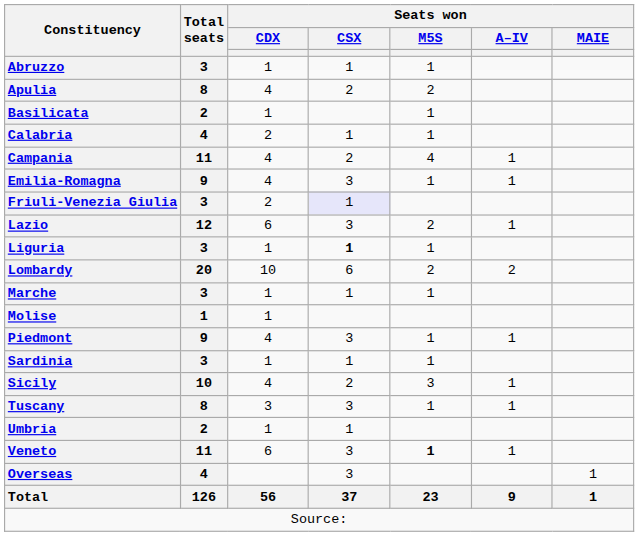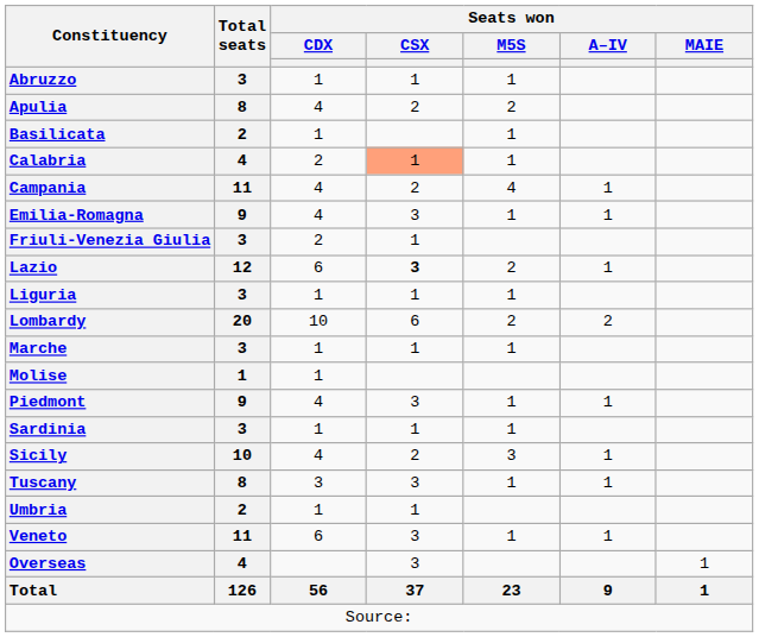 <table class="wikitable" style="text-align:center; font-size: 0.9em;">
 <tr>
 <th rowspan="3">Constituency</th>
 <th rowspan="3">Total<br>seats</th>
 <th colspan="5">Seats won</th>
 </tr>
 <tr>
 <th class="unsortable" style="width:65px;"><a href='#'>CDX</a></th>
 <th class="unsortable" style="width:65px;"><a href='#'>CSX</a></th>
 <th class="unsortable" style="width:65px;"><a href='#'>M5S</a></th>
 <th class="unsortable" style="width:65px;"><a href='#'>A–IV</a></th>
 <th class="unsortable" style="width:65px;"><a href='#'>MAIE</a></th>
 </tr>
 <tr>
 <th style="background:"></th>
 <th style="background:"></th>
 <th style="background:"></th>
 <th style="background:"></th>
 <th style="background:"></th>
 </tr>
 <tr>
 <th style="text-align: left;"><a href='#'>Abruzzo</a></th>
 <th>3</th>
 <td>1</td>
 <td>1</td>
 <td>1</td>
 <td></td>
 <td></td>
 </tr>
 <tr>
 <th style="text-align: left;"><a href='#'>Apulia</a></th>
 <th>8</th>
 <td>4</td>
 <td>2</td>
 <td>2</td>
 <td></td>
 <td></td>
 </tr>
 <tr>
 <th style="text-align: left;"><a href='#'>Basilicata</a></th>
 <th>2</th>
 <td>1</td>
 <td></td>
 <td>1</td>
 <td></td>
 <td></td>
 </tr>
 <tr>
 <th style="text-align: left;"><a href='#'>Calabria</a></th>
 <th>4</th>
 <td>2</td>
-<td>1</td>
+<td style="background: lightsalmon;">1</td>
 <td>1</td>
 <td></td>
 <td></td>
 </tr>
 <tr>
 <th style="text-align: left;"><a href='#'>Campania</a></th>
 <th>11</th>
 <td>4</td>
 <td>2</td>
 <td>4</td>
 <td>1</td>
 <td></td>
 </tr>
 <tr>
 <th style="text-align: left;"><a href='#'>Emilia-Romagna</a></th>
 <th>9</th>
 <td>4</td>
 <td>3</td>
 <td>1</td>
 <td>1</td>
 <td></td>
 </tr>
 <tr>
 <th style="text-align: left;"><a href='#'>Friuli-Venezia Giulia</a></th>
 <th>3</th>
 <td>2</td>
-<td style="background: lavender;">1</td>
+<td>1</td>
 <td></td>
 <td></td>
 <td></td>
 </tr>
 <tr>
 <th style="text-align: left;"><a href='#'>Lazio</a></th>
 <th>12</th>
 <td>6</td>
-<td>3</td>
+<td><strong>3</strong></td>
 <td>2</td>
 <td>1</td>
 <td></td>
 </tr>
 <tr>
 <th style="text-align: left;"><a href='#'>Liguria</a></th>
 <th>3</th>
 <td>1</td>
-<td><strong>1</strong></td>
+<td>1</td>
 <td>1</td>
 <td></td>
 <td></td>
 </tr>
 <tr>
 <th style="text-align: left;"><a href='#'>Lombardy</a></th>
 <th>20</th>
 <td>10</td>
 <td>6</td>
 <td>2</td>
 <td>2</td>
 <td></td>
 </tr>
 <tr>
 <th style="text-align: left;"><a href='#'>Marche</a></th>
 <th>3</th>
 <td>1</td>
 <td>1</td>
 <td>1</td>
 <td></td>
 <td></td>
 </tr>
 <tr>
 <th style="text-align: left;"><a href='#'>Molise</a></th>
 <th>1</th>
 <td>1</td>
 <td></td>
 <td></td>
 <td></td>
 <td></td>
 </tr>
 <tr>
 <th style="text-align: left;"><a href='#'>Piedmont</a></th>
 <th>9</th>
 <td>4</td>
 <td>3</td>
 <td>1</td>
 <td>1</td>
 <td></td>
 </tr>
 <tr>
 <th style="text-align: left;"><a href='#'>Sardinia</a></th>
 <th>3</th>
 <td>1</td>
 <td>1</td>
 <td>1</td>
 <td></td>
 <td></td>
 </tr>
 <tr>
 <th style="text-align: left;"><a href='#'>Sicily</a></th>
 <th>10</th>
 <td>4</td>
 <td>2</td>
 <td>3</td>
 <td>1</td>
 <td></td>
 </tr>
 <tr>
 <th style="text-align: left;"><a href='#'>Tuscany</a></th>
 <th>8</th>
 <td>3</td>
 <td>3</td>
 <td>1</td>
 <td>1</td>
 <td></td>
 </tr>
 <tr>
 <th style="text-align: left;"><a href='#'>Umbria</a></th>
 <th>2</th>
 <td>1</td>
 <td>1</td>
 <td></td>
 <td></td>
 <td></td>
 </tr>
 <tr>
 <th style="text-align: left;"><a href='#'>Veneto</a></th>
 <th>11</th>
 <td>6</td>
 <td>3</td>
-<td><strong>1</strong></td>
+<td>1</td>
 <td>1</td>
 <td></td>
 </tr>
 <tr>
 <th style="text-align: left;"><a href='#'>Overseas</a></th>
 <th>4</th>
 <td></td>
 <td>3</td>
 <td></td>
 <td></td>
 <td>1</td>
 </tr>
 <tr>
 <th style="text-align: left;">Total</th>
 <th>126</th>
 <th>56</th>
 <th>37</th>
 <th>23</th>
 <th>9</th>
 <th>1</th>
 </tr>
 <tr>
 <td colspan="7">Source: </td>
 </tr>
 </table>
